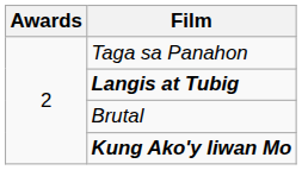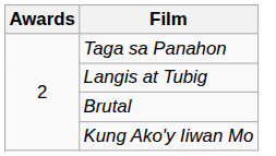 <table class="wikitable" style="text-align:center">
 <tr>
 <th scope="col">Awards</th>
 <th scope="col">Film</th>
 </tr>
 <tr>
 <td rowspan=4>2</td>
 <td align=left><em>Taga sa Panahon</em></td>
 </tr>
 <tr>
-<td align=left><strong><em>Langis at Tubig</em></strong></td>
+<td align=left><em>Langis at Tubig</em></td>
 </tr>
 <tr>
 <td align=left><em>Brutal</em></td>
 </tr>
 <tr>
-<td align=left><strong><em>Kung Ako'y Iiwan Mo</em></strong></td>
+<td align=left><em>Kung Ako'y Iiwan Mo</em></td>
 </tr>
 </table>
